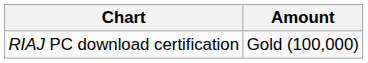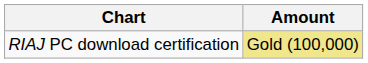 <table class="wikitable">
 <tr>
 <th>Chart</th>
 <th>Amount</th>
 </tr>
 <tr>
 <td><em>RIAJ</em> PC download certification</td>
-<td align="center">Gold (100,000)</td>
+<td align="center" style="background: khaki;">Gold (100,000)</td>
 </tr>
 </table>
